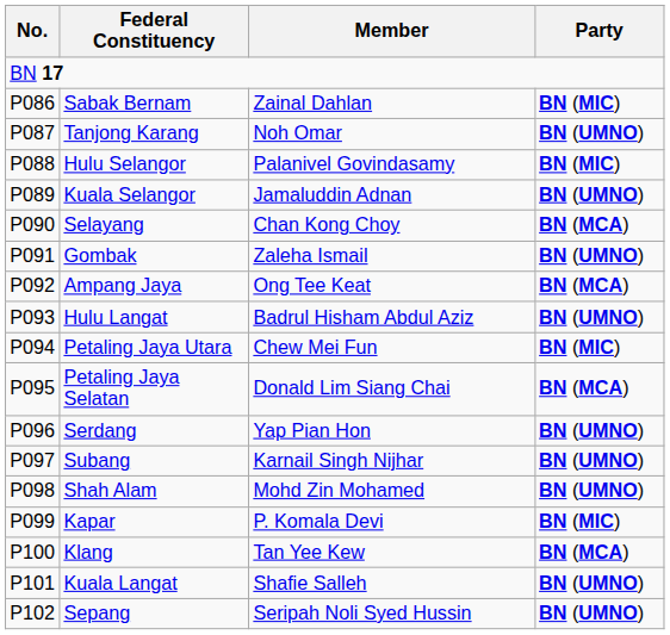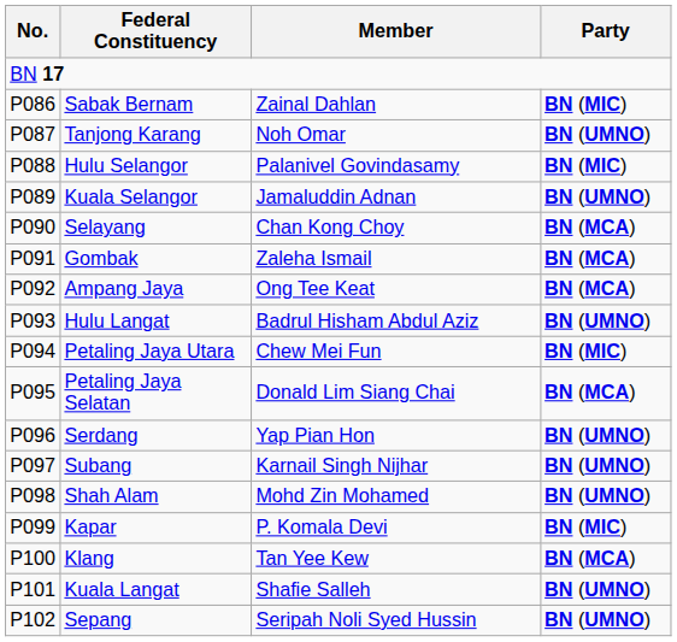 <table class="wikitable sortable">
 <tr>
 <th style="width:30px;">No.</th>
 <th style="width:150px;">Federal Constituency</th>
 <th style="width:230px;">Member</th>
 <th style="width:100px;">Party</th>
 </tr>
 <tr>
 <td colspan="4"><a href='#'>BN</a> <strong>17</strong></td>
 </tr>
 <tr>
 <td>P086</td>
 <td><a href='#'>Sabak Bernam</a></td>
 <td><a href='#'>Zainal Dahlan</a></td>
 <td><strong><a href='#'>BN</a></strong> (<strong><a href='#'>MIC</a></strong>)</td>
 </tr>
 <tr>
 <td>P087</td>
 <td><a href='#'>Tanjong Karang</a></td>
 <td><a href='#'>Noh Omar</a></td>
 <td><strong><a href='#'>BN</a></strong> (<strong><a href='#'>UMNO</a></strong>)</td>
 </tr>
 <tr>
 <td>P088</td>
 <td><a href='#'>Hulu Selangor</a></td>
 <td><a href='#'>Palanivel Govindasamy</a></td>
 <td><strong><a href='#'>BN</a></strong> (<strong><a href='#'>MIC</a></strong>)</td>
 </tr>
 <tr>
 <td>P089</td>
 <td><a href='#'>Kuala Selangor</a></td>
 <td><a href='#'>Jamaluddin Adnan</a></td>
 <td><strong><a href='#'>BN</a></strong> (<strong><a href='#'>UMNO</a></strong>)</td>
 </tr>
 <tr>
 <td>P090</td>
 <td><a href='#'>Selayang</a></td>
 <td><a href='#'>Chan Kong Choy</a></td>
 <td><strong><a href='#'>BN</a></strong> (<strong><a href='#'>MCA</a></strong>)</td>
 </tr>
 <tr>
 <td>P091</td>
 <td><a href='#'>Gombak</a></td>
 <td><a href='#'>Zaleha Ismail</a></td>
-<td><strong><a href='#'>BN</a></strong> (<strong><a href='#'>UMNO</a></strong>)</td>
+<td><strong><a href='#'>BN</a></strong> (<strong><a href='#'>MCA</a></strong>)</td>
 </tr>
 <tr>
 <td>P092</td>
 <td><a href='#'>Ampang Jaya</a></td>
 <td><a href='#'>Ong Tee Keat</a></td>
 <td><strong><a href='#'>BN</a></strong> (<strong><a href='#'>MCA</a></strong>)</td>
 </tr>
 <tr>
 <td>P093</td>
 <td><a href='#'>Hulu Langat</a></td>
 <td><a href='#'>Badrul Hisham Abdul Aziz</a></td>
 <td><strong><a href='#'>BN</a></strong> (<strong><a href='#'>UMNO</a></strong>)</td>
 </tr>
 <tr>
 <td>P094</td>
 <td><a href='#'>Petaling Jaya Utara</a></td>
 <td><a href='#'>Chew Mei Fun</a></td>
 <td><strong><a href='#'>BN</a></strong> (<strong><a href='#'>MIC</a></strong>)</td>
 </tr>
 <tr>
 <td>P095</td>
 <td><a href='#'>Petaling Jaya Selatan</a></td>
 <td><a href='#'>Donald Lim Siang Chai</a></td>
 <td><strong><a href='#'>BN</a></strong> (<strong><a href='#'>MCA</a></strong>)</td>
 </tr>
 <tr>
 <td>P096</td>
 <td><a href='#'>Serdang</a></td>
 <td><a href='#'>Yap Pian Hon</a></td>
 <td><strong><a href='#'>BN</a></strong> (<strong><a href='#'>UMNO</a></strong>)</td>
 </tr>
 <tr>
 <td>P097</td>
 <td><a href='#'>Subang</a></td>
 <td><a href='#'>Karnail Singh Nijhar</a></td>
 <td><strong><a href='#'>BN</a></strong> (<strong><a href='#'>UMNO</a></strong>)</td>
 </tr>
 <tr>
 <td>P098</td>
 <td><a href='#'>Shah Alam</a></td>
 <td><a href='#'>Mohd Zin Mohamed</a></td>
 <td><strong><a href='#'>BN</a></strong> (<strong><a href='#'>UMNO</a></strong>)</td>
 </tr>
 <tr>
 <td>P099</td>
 <td><a href='#'>Kapar</a></td>
 <td><a href='#'>P. Komala Devi</a></td>
 <td><strong><a href='#'>BN</a></strong> (<strong><a href='#'>MIC</a></strong>)</td>
 </tr>
 <tr>
 <td>P100</td>
 <td><a href='#'>Klang</a></td>
 <td><a href='#'>Tan Yee Kew</a></td>
 <td><strong><a href='#'>BN</a></strong> (<strong><a href='#'>MCA</a></strong>)</td>
 </tr>
 <tr>
 <td>P101</td>
 <td><a href='#'>Kuala Langat</a></td>
 <td><a href='#'>Shafie Salleh</a></td>
 <td><strong><a href='#'>BN</a></strong> (<strong><a href='#'>UMNO</a></strong>)</td>
 </tr>
 <tr>
 <td>P102</td>
 <td><a href='#'>Sepang</a></td>
 <td><a href='#'>Seripah Noli Syed Hussin</a></td>
 <td><strong><a href='#'>BN</a></strong> (<strong><a href='#'>UMNO</a></strong>)</td>
 </tr>
 </table>
